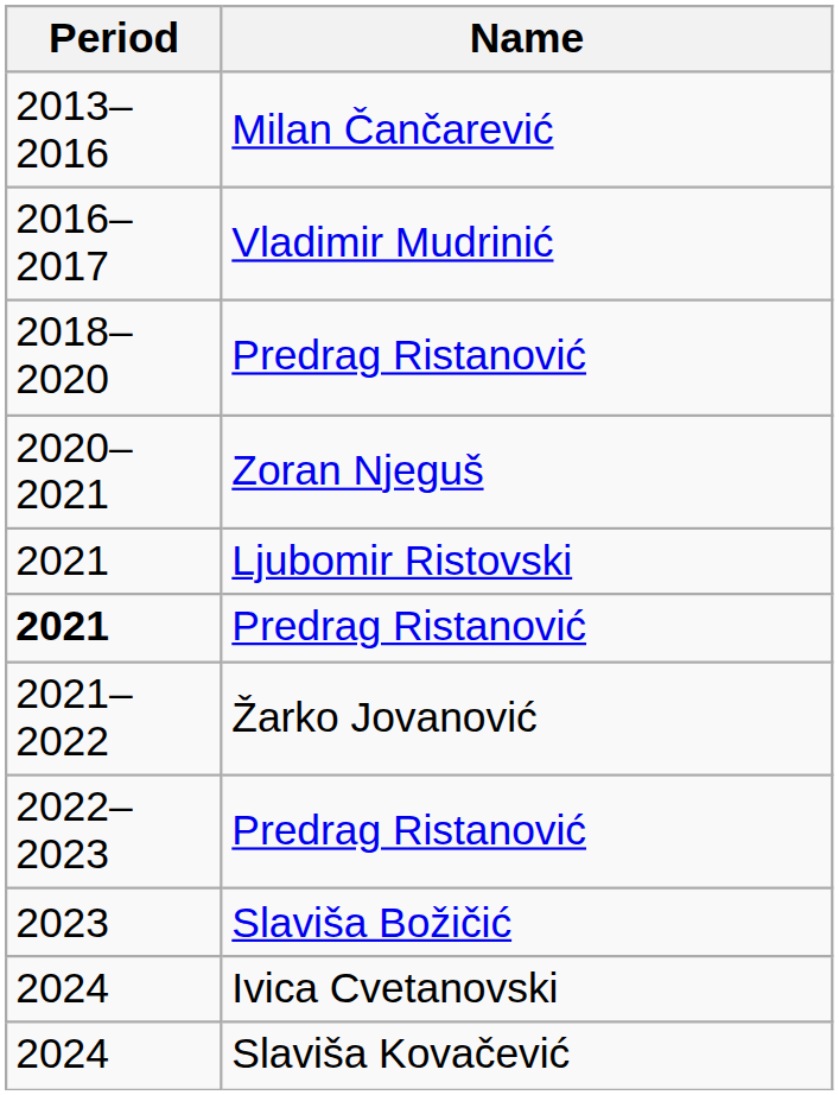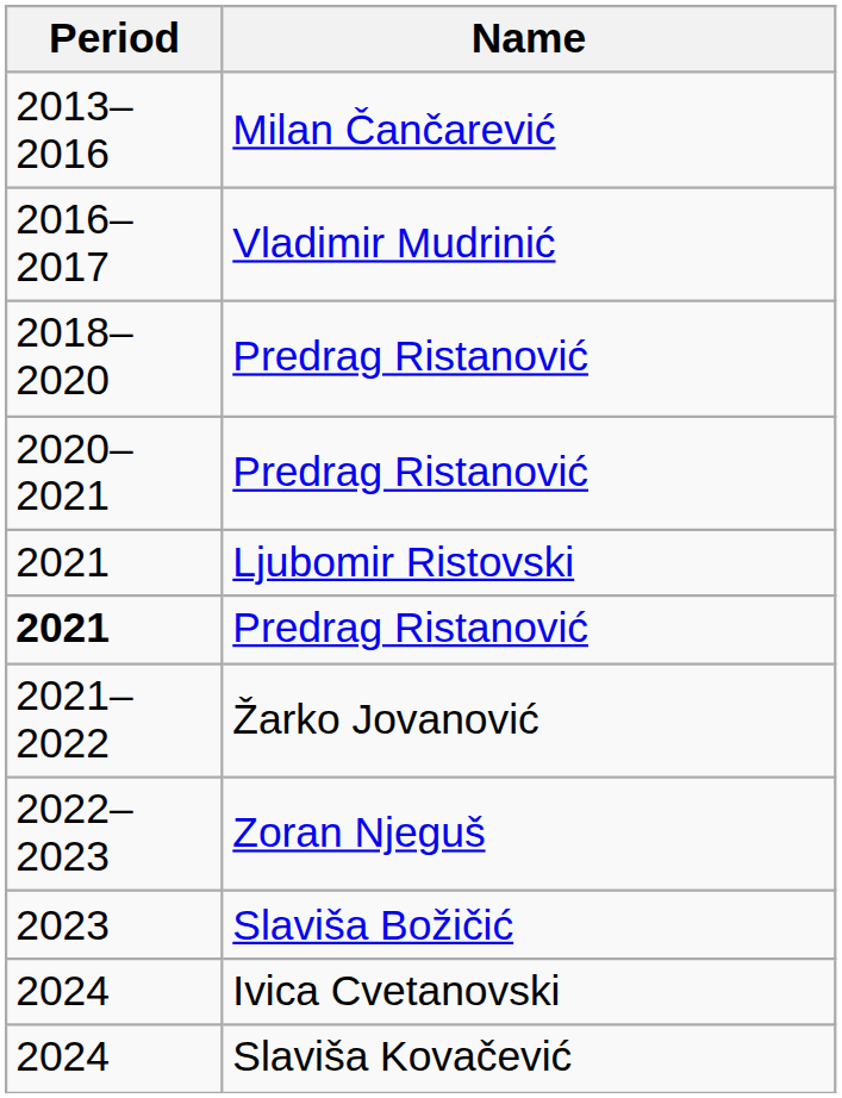 <table class="wikitable">
 <tr>
 <th width="75">Period</th>
 <th width="225">Name</th>
 </tr>
 <tr>
 <td>2013–2016</td>
 <td> <a href='#'>Milan Čančarević</a></td>
 </tr>
 <tr>
 <td>2016–2017</td>
 <td> <a href='#'>Vladimir Mudrinić</a></td>
 </tr>
 <tr>
 <td>2018–2020</td>
 <td> <a href='#'>Predrag Ristanović</a></td>
 </tr>
 <tr>
 <td>2020–2021</td>
-<td> <a href='#'>Zoran Njeguš</a></td>
+<td> <a href='#'>Predrag Ristanović</a></td>
 </tr>
 <tr>
 <td>2021</td>
 <td> <a href='#'>Ljubomir Ristovski</a></td>
 </tr>
 <tr>
 <td><strong>2021</strong></td>
 <td> <a href='#'>Predrag Ristanović</a></td>
 </tr>
 <tr>
 <td>2021–2022</td>
 <td> Žarko Jovanović</td>
 </tr>
 <tr>
 <td>2022–2023</td>
-<td> <a href='#'>Predrag Ristanović</a></td>
+<td> <a href='#'>Zoran Njeguš</a></td>
 </tr>
 <tr>
 <td>2023</td>
 <td> <a href='#'>Slaviša Božičić</a></td>
 </tr>
 <tr>
 <td>2024</td>
 <td> Ivica Cvetanovski</td>
 </tr>
 <tr>
 <td>2024</td>
 <td> Slaviša Kovačević</td>
 </tr>
 </table>
